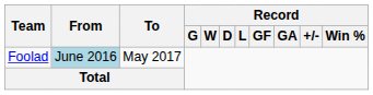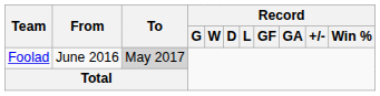 <table class="wikitable" style="text-align: center">
 <tr>
 <th rowspan="2">Team</th>
 <th rowspan="2">From</th>
 <th rowspan="2">To</th>
 <th colspan="8">Record</th>
 </tr>
 <tr>
 <th>G</th>
 <th>W</th>
 <th>D</th>
 <th>L</th>
 <th>GF</th>
 <th>GA</th>
 <th>+/-</th>
 <th>Win %</th>
 </tr>
 <tr>
 <td><a href='#'>Foolad</a></td>
-<td align="left" style="background: lightblue;">June 2016</td>
-<td align="left">May 2017<br></td>
+<td align="left">June 2016</td>
+<td align="left" style="background: lightgrey;">May 2017<br></td>
 </tr>
 <tr>
 <th colspan="3">Total<br></th>
 </tr>
 </table>
